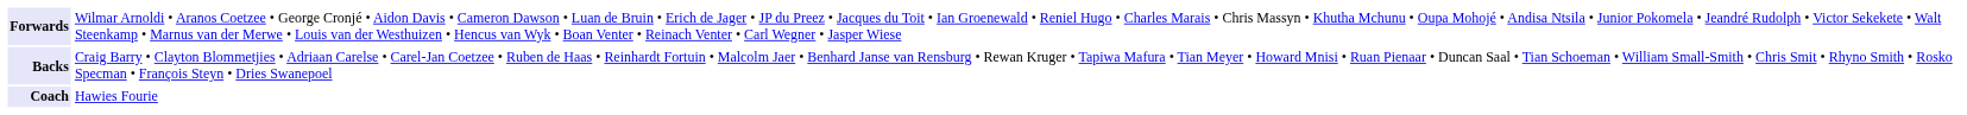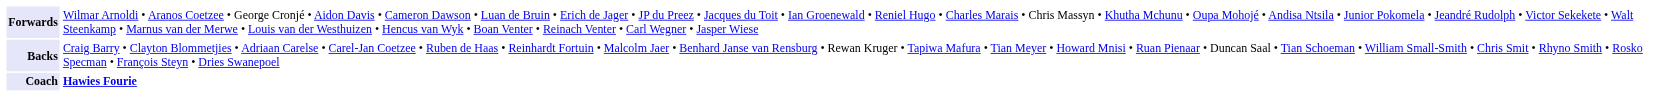 <table cellpadding="2" style="border: 1px solid white; font-size:90%;">
 <tr>
 <td style="text-align:right;" bgcolor="lavender"><strong>Forwards</strong></td>
 <td style="text-align:left;"><a href='#'>Wilmar Arnoldi</a> • <a href='#'>Aranos Coetzee</a> • George Cronjé • <a href='#'>Aidon Davis</a> • <a href='#'>Cameron Dawson</a> • <a href='#'>Luan de Bruin</a> • <a href='#'>Erich de Jager</a> • <a href='#'>JP du Preez</a> • <a href='#'>Jacques du Toit</a> • <a href='#'>Ian Groenewald</a> • <a href='#'>Reniel Hugo</a> • <a href='#'>Charles Marais</a> • Chris Massyn • <a href='#'>Khutha Mchunu</a> • <a href='#'>Oupa Mohojé</a> • <a href='#'>Andisa Ntsila</a> • <a href='#'>Junior Pokomela</a> • <a href='#'>Jeandré Rudolph</a> • <a href='#'>Victor Sekekete</a> • <a href='#'>Walt Steenkamp</a> • <a href='#'>Marnus van der Merwe</a> • <a href='#'>Louis van der Westhuizen</a> • <a href='#'>Hencus van Wyk</a> • <a href='#'>Boan Venter</a> • <a href='#'>Reinach Venter</a> • <a href='#'>Carl Wegner</a> • <a href='#'>Jasper Wiese</a></td>
 </tr>
 <tr>
 <td style="text-align:right;" bgcolor="lavender"><strong>Backs</strong></td>
 <td style="text-align:left;"><a href='#'>Craig Barry</a> • <a href='#'>Clayton Blommetjies</a> • <a href='#'>Adriaan Carelse</a> • <a href='#'>Carel-Jan Coetzee</a> • <a href='#'>Ruben de Haas</a> • <a href='#'>Reinhardt Fortuin</a> • <a href='#'>Malcolm Jaer</a> • <a href='#'>Benhard Janse van Rensburg</a> • Rewan Kruger • <a href='#'>Tapiwa Mafura</a> • <a href='#'>Tian Meyer</a> • <a href='#'>Howard Mnisi</a> • <a href='#'>Ruan Pienaar</a> • Duncan Saal • <a href='#'>Tian Schoeman</a> • <a href='#'>William Small-Smith</a> • <a href='#'>Chris Smit</a> • <a href='#'>Rhyno Smith</a> • <a href='#'>Rosko Specman</a> • <a href='#'>François Steyn</a> • <a href='#'>Dries Swanepoel</a></td>
 </tr>
 <tr>
 <td style="text-align:right;" bgcolor="lavender"><strong>Coach</strong></td>
-<td style="text-align:left;"><a href='#'>Hawies Fourie</a></td>
+<td style="text-align:left;"><strong><a href='#'>Hawies Fourie</a></strong></td>
 </tr>
 </table>
